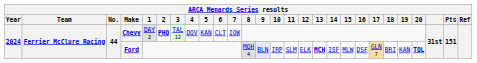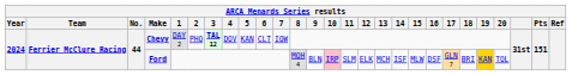 <table class="wikitable" style="text-align:center; font-size:75%">
 <tr>
 <th colspan=27><a href='#'>ARCA Menards Series</a> results</th>
 </tr>
 <tr>
 <th>Year</th>
 <th>Team</th>
 <th>No.</th>
 <th>Make</th>
 <th>1</th>
 <th>2</th>
 <th>3</th>
 <th>4</th>
 <th>5</th>
 <th>6</th>
 <th>7</th>
 <th>8</th>
 <th>9</th>
 <th>10</th>
 <th>11</th>
 <th>12</th>
 <th>13</th>
 <th>14</th>
 <th>15</th>
 <th>16</th>
 <th>17</th>
 <th>18</th>
 <th>19</th>
 <th>20</th>
 <th></th>
 <th>Pts</th>
 <th>Ref</th>
 </tr>
 <tr>
 <th rowspan=2><a href='#'>2024</a></th>
 <th rowspan=2 nowrap><a href='#'>Ferrier McClure Racing</a></th>
 <th rowspan=2>44</th>
 <th><a href='#'>Chevy</a></th>
 <td style="background:#DFDFDF;"><a href='#'>DAY</a><br><small>2</small></td>
-<td><strong><a href='#'>PHO</a></strong></td>
-<td style="background:#DFFFDF;"><a href='#'>TAL</a><br><small>12</small></td>
+<td><a href='#'>PHO</a></td>
+<td style="background:#DFFFDF;"><strong><a href='#'>TAL</a><br><small>12</small></strong></td>
 <td><a href='#'>DOV</a></td>
 <td><a href='#'>KAN</a></td>
 <td><a href='#'>CLT</a></td>
 <td><a href='#'>IOW</a></td>
 <td colspan=13></td>
 <th rowspan=2>31st</th>
 <th rowspan=2>151</th>
 <th rowspan=2></th>
 </tr>
 <tr>
 <th><a href='#'>Ford</a></th>
 <td colspan=7></td>
 <td style="background:#DFDFDF;"><a href='#'>MOH</a><br><small>4</small></td>
-<td style="background: lavender;"><a href='#'>BLN</a></td>
-<td><a href='#'>IRP</a></td>
+<td><a href='#'>BLN</a></td>
+<td style="background: pink;"><a href='#'>IRP</a></td>
 <td><a href='#'>SLM</a></td>
 <td><a href='#'>ELK</a></td>
-<td><strong><a href='#'>MCH</a></strong></td>
+<td><a href='#'>MCH</a></td>
 <td><a href='#'>ISF</a></td>
 <td><a href='#'>MLW</a></td>
 <td><a href='#'>DSF</a></td>
 <td style="background:#FFDF9F;"><a href='#'>GLN</a><br><small>7</small></td>
 <td><a href='#'>BRI</a></td>
-<td><a href='#'>KAN</a></td>
-<td><strong><a href='#'>TOL</a></strong></td>
+<td style="background: gold;"><a href='#'>KAN</a></td>
+<td><a href='#'>TOL</a></td>
 </tr>
 </table>
